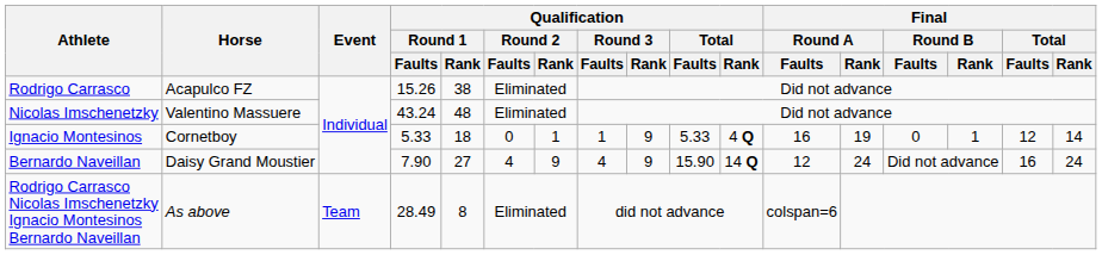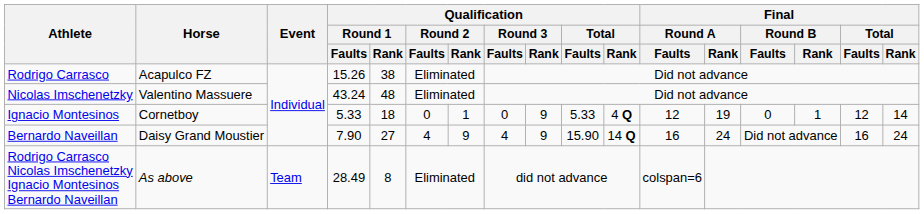 <table class=wikitable style=font-size:90%;text-align:center>
 <tr>
 <th rowspan=3>Athlete</th>
 <th rowspan=3>Horse</th>
 <th rowspan=3>Event</th>
 <th colspan=8>Qualification</th>
 <th colspan=6>Final</th>
 </tr>
 <tr style=font-size:95%>
 <th colspan=2>Round 1</th>
 <th colspan=2>Round 2</th>
 <th colspan=2>Round 3</th>
 <th colspan=2>Total</th>
 <th colspan=2>Round A</th>
 <th colspan=2>Round B</th>
 <th colspan=2>Total</th>
 </tr>
 <tr style=font-size:95%>
 <th>Faults</th>
 <th>Rank</th>
 <th>Faults</th>
 <th>Rank</th>
 <th>Faults</th>
 <th>Rank</th>
 <th>Faults</th>
 <th>Rank</th>
 <th>Faults</th>
 <th>Rank</th>
 <th>Faults</th>
 <th>Rank</th>
 <th>Faults</th>
 <th>Rank</th>
 </tr>
 <tr>
 <td align=left><a href='#'>Rodrigo Carrasco</a></td>
 <td align=left>Acapulco FZ</td>
 <td align=left rowspan=4><a href='#'>Individual</a></td>
 <td>15.26</td>
 <td>38</td>
 <td colspan=2>Eliminated</td>
 <td colspan=10>Did not advance</td>
 </tr>
 <tr>
 <td align=left><a href='#'>Nicolas Imschenetzky</a></td>
 <td align=left>Valentino Massuere</td>
 <td>43.24</td>
 <td>48</td>
 <td colspan=2>Eliminated</td>
 <td colspan=10>Did not advance</td>
 </tr>
 <tr>
 <td align=left><a href='#'>Ignacio Montesinos</a></td>
 <td align=left>Cornetboy</td>
 <td>5.33</td>
 <td>18</td>
 <td>0</td>
 <td>1</td>
-<td>1</td>
+<td>0</td>
 <td>9</td>
 <td>5.33</td>
 <td>4 <strong>Q</strong></td>
-<td>16</td>
+<td>12</td>
 <td>19</td>
 <td>0</td>
 <td>1</td>
 <td>12</td>
 <td>14</td>
 </tr>
 <tr>
 <td align=left><a href='#'>Bernardo Naveillan</a></td>
 <td align=left>Daisy Grand Moustier</td>
 <td>7.90</td>
 <td>27</td>
 <td>4</td>
 <td>9</td>
 <td>4</td>
 <td>9</td>
 <td>15.90</td>
 <td>14 <strong>Q</strong></td>
-<td>12</td>
+<td>16</td>
 <td>24</td>
 <td colspan=2>Did not advance</td>
 <td>16</td>
 <td>24</td>
 </tr>
 <tr>
 <td align=left><a href='#'>Rodrigo Carrasco</a><br><a href='#'>Nicolas Imschenetzky</a><br><a href='#'>Ignacio Montesinos</a><br><a href='#'>Bernardo Naveillan</a></td>
 <td align=left><em>As above</em></td>
 <td align=left><a href='#'>Team</a></td>
 <td>28.49</td>
 <td>8</td>
 <td colspan=2>Eliminated</td>
 <td colspan=4>did not advance</td>
 <td>colspan=6 </td>
 </tr>
 </table>
